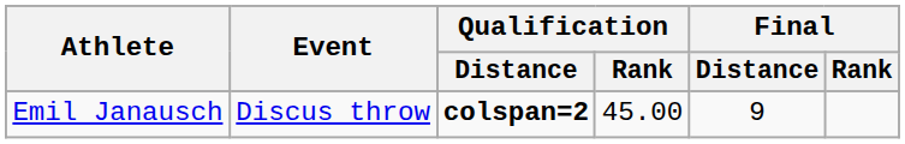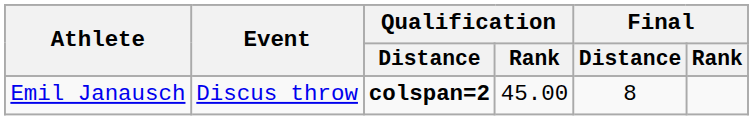 <table class="wikitable" style="font-size:90%">
 <tr>
 <th rowspan=2>Athlete</th>
 <th rowspan=2>Event</th>
 <th colspan=2>Qualification</th>
 <th colspan=2>Final</th>
 </tr>
 <tr style="font-size:95%">
 <th>Distance</th>
 <th>Rank</th>
 <th>Distance</th>
 <th>Rank</th>
 </tr>
 <tr align=center>
 <td align=left><a href='#'>Emil Janausch</a></td>
 <td style="text-align:left;"><a href='#'>Discus throw</a></td>
 <td><strong>colspan=2 </strong></td>
 <td>45.00</td>
-<td>9</td>
+<td>8</td>
 </tr>
 </table>
